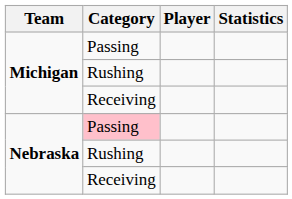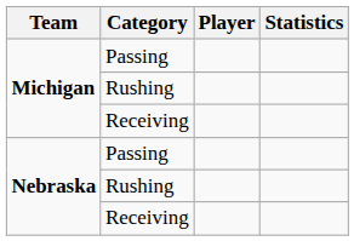 <table class="wikitable" style="float: right;">
 <tr>
 <th>Team</th>
 <th>Category</th>
 <th>Player</th>
 <th>Statistics</th>
 </tr>
 <tr>
 <td rowspan=3><strong>Michigan</strong></td>
 <td>Passing</td>
 <td></td>
 <td></td>
 </tr>
 <tr>
 <td>Rushing</td>
 <td></td>
 <td></td>
 </tr>
 <tr>
 <td>Receiving</td>
 <td></td>
 <td></td>
 </tr>
 <tr>
 <td rowspan=3><strong>Nebraska</strong></td>
-<td style="background: pink;">Passing</td>
+<td>Passing</td>
 <td></td>
 <td></td>
 </tr>
 <tr>
 <td>Rushing</td>
 <td></td>
 <td></td>
 </tr>
 <tr>
 <td>Receiving</td>
 <td></td>
 <td></td>
 </tr>
 </table>
